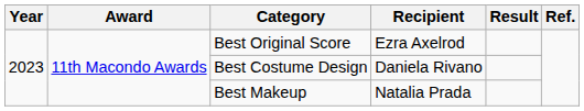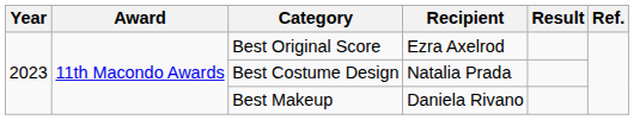 <table class="wikitable">
 <tr>
 <th>Year</th>
 <th>Award</th>
 <th>Category</th>
 <th>Recipient</th>
 <th>Result</th>
 <th>Ref.</th>
 </tr>
 <tr>
 <td rowspan="3">2023</td>
 <td rowspan="3"><a href='#'>11th Macondo Awards</a></td>
 <td>Best Original Score</td>
 <td>Ezra Axelrod</td>
 <td></td>
 <td rowspan="3"></td>
 </tr>
 <tr>
 <td>Best Costume Design</td>
-<td>Daniela Rivano</td>
+<td>Natalia Prada</td>
 <td></td>
 </tr>
 <tr>
 <td>Best Makeup</td>
-<td>Natalia Prada</td>
+<td>Daniela Rivano</td>
 <td></td>
 </tr>
 </table>
